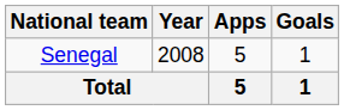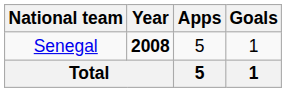 <table class=wikitable style="text-align: center;">
 <tr>
 <th>National team</th>
 <th>Year</th>
 <th>Apps</th>
 <th>Goals</th>
 </tr>
 <tr>
 <td><a href='#'>Senegal</a></td>
-<td>2008</td>
+<td><strong>2008</strong></td>
 <td>5</td>
 <td>1</td>
 </tr>
 <tr>
 <th colspan="2">Total</th>
 <th>5</th>
 <th>1</th>
 </tr>
 </table>
